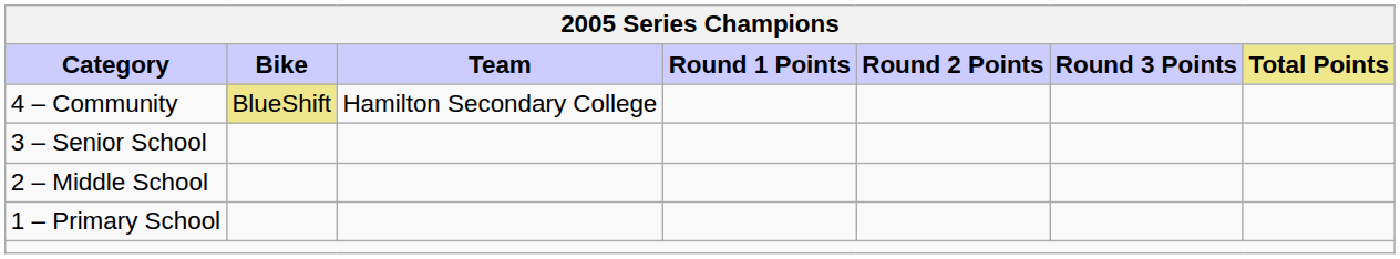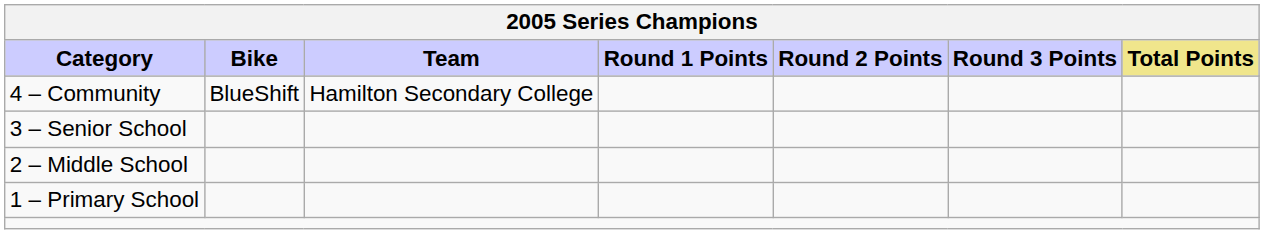 <table class="wikitable collapsible collapsed">
 <tr>
 <th colspan="7" width="500">2005 Series Champions</th>
 </tr>
 <tr>
 <th style="background:#ccf">Category</th>
 <th style="background:#ccf">Bike</th>
 <th style="background:#ccf">Team</th>
 <th style="background:#ccf">Round 1 Points</th>
 <th style="background:#ccf">Round 2 Points</th>
 <th style="background:#ccf">Round 3 Points</th>
 <th style="background:#f0e68c">Total Points</th>
 </tr>
 <tr>
 <td>4 – Community</td>
-<td style="background: khaki;">BlueShift</td>
+<td>BlueShift</td>
 <td> Hamilton Secondary College</td>
 <td></td>
 <td></td>
 <td></td>
 <td></td>
 </tr>
 <tr>
 <td>3 – Senior School</td>
 <td></td>
 <td></td>
 <td></td>
 <td></td>
 <td></td>
 <td></td>
 </tr>
 <tr>
 <td>2 – Middle School</td>
 <td></td>
 <td></td>
 <td></td>
 <td></td>
 <td></td>
 <td></td>
 </tr>
 <tr>
 <td>1 – Primary School</td>
 <td></td>
 <td></td>
 <td></td>
 <td></td>
 <td></td>
 <td></td>
 </tr>
 <tr>
 <td colspan="7"></td>
 </tr>
 </table>
